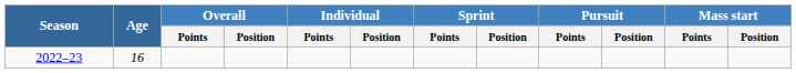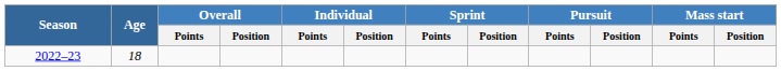 <table class="wikitable" style="text-align:center;" width="75%">
 <tr class="hintergrundfarbe5">
 </tr>
 <tr style="background:#efefef;">
 <th rowspan="2" style="background-color:#369; color:white; width:100px">Season</th>
 <th rowspan="2" style="background-color:#369; color:white; width:40px">Age</th>
 <th colspan="2" style="background-color:#4180be; color:white; width:110px;">Overall</th>
 <th colspan="2" style="background-color:#4180be; color:white; width:110px;">Individual</th>
 <th colspan="2" style="background-color:#4180be; color:white; width:110px;">Sprint</th>
 <th colspan="2" style="background-color:#4180be; color:white; width:110px;">Pursuit</th>
 <th colspan="2" style="background-color:#4180be; color:white; width:110px;">Mass start</th>
 </tr>
 <tr class="hintergrundfarbe5">
 <th style="width:55px;"><small>Points</small></th>
 <th style="width:55px;"><small>Position</small></th>
 <th style="width:55px;"><small>Points</small></th>
 <th style="width:55px;"><small>Position</small></th>
 <th style="width:55px;"><small>Points</small></th>
 <th style="width:55px;"><small>Position</small></th>
 <th style="width:55px;"><small>Points</small></th>
 <th style="width:55px;"><small>Position</small></th>
 <th style="width:55px;"><small>Points</small></th>
 <th style="width:55px;"><small>Position</small></th>
 </tr>
 <tr>
 <td><a href='#'>2022–23</a></td>
-<td><em>16</em></td>
+<td><em>18</em></td>
 <td></td>
 <td></td>
 <td></td>
 <td></td>
 <td></td>
 <td></td>
 <td></td>
 <td></td>
 <td></td>
 <td></td>
 </tr>
 </table>
